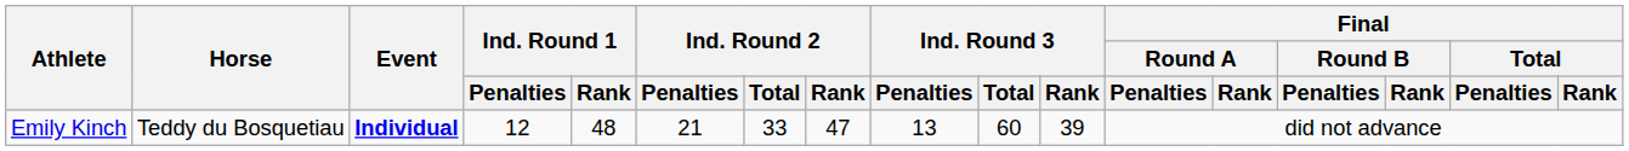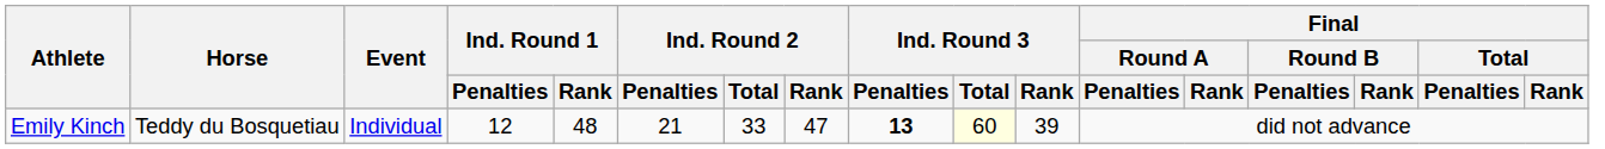 <table class=wikitable style="font-size:90%">
 <tr>
 <th rowspan="3">Athlete</th>
 <th rowspan="3">Horse</th>
 <th rowspan="3">Event</th>
 <th colspan="2" rowspan="2">Ind. Round 1</th>
 <th colspan="3" rowspan="2">Ind. Round 2</th>
 <th colspan="3" rowspan="2">Ind. Round 3</th>
 <th colspan="6">Final</th>
 </tr>
 <tr>
 <th colspan="2">Round A</th>
 <th colspan="2">Round B</th>
 <th colspan="2">Total</th>
 </tr>
 <tr>
 <th>Penalties</th>
 <th>Rank</th>
 <th>Penalties</th>
 <th>Total</th>
 <th>Rank</th>
 <th>Penalties</th>
 <th>Total</th>
 <th>Rank</th>
 <th>Penalties</th>
 <th>Rank</th>
 <th>Penalties</th>
 <th>Rank</th>
 <th>Penalties</th>
 <th>Rank</th>
 </tr>
 <tr>
 <td><a href='#'>Emily Kinch</a></td>
 <td>Teddy du Bosquetiau</td>
-<td><strong><a href='#'>Individual</a></strong></td>
+<td><a href='#'>Individual</a></td>
 <td align="center">12</td>
 <td align="center">48</td>
 <td align="center">21</td>
 <td align="center">33</td>
 <td align="center">47</td>
-<td align="center">13</td>
-<td align="center">60</td>
+<td align="center"><strong>13</strong></td>
+<td align="center" style="background: lightyellow;">60</td>
 <td align="center">39</td>
 <td align="center" colspan=6>did not advance</td>
 </tr>
 </table>
